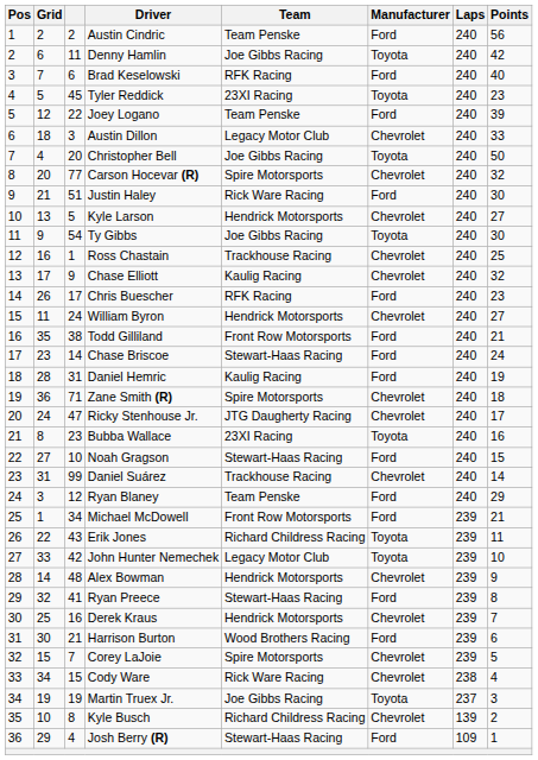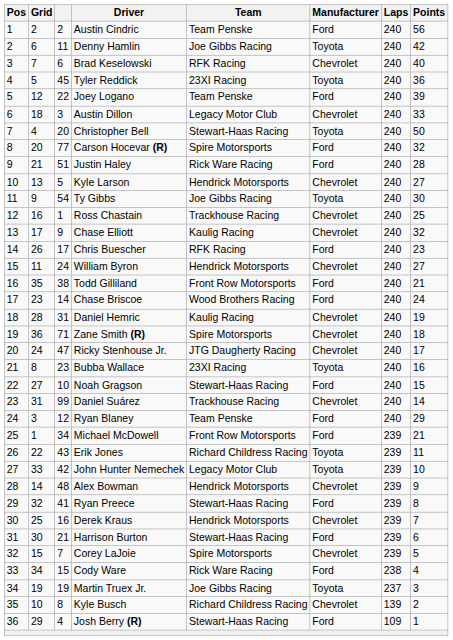 <table class="wikitable" style="font-size:98%">
 <tr>
 <th>Pos</th>
 <th>Grid</th>
 <th></th>
 <th>Driver</th>
 <th>Team</th>
 <th>Manufacturer</th>
 <th>Laps</th>
 <th>Points</th>
 </tr>
 <tr>
 <td>1</td>
 <td>2</td>
 <td>2</td>
 <td>Austin Cindric</td>
 <td>Team Penske</td>
 <td>Ford</td>
 <td>240</td>
 <td>56</td>
 </tr>
 <tr>
 <td>2</td>
 <td>6</td>
 <td>11</td>
 <td>Denny Hamlin</td>
 <td>Joe Gibbs Racing</td>
 <td>Toyota</td>
 <td>240</td>
 <td>42</td>
 </tr>
 <tr>
 <td>3</td>
 <td>7</td>
 <td>6</td>
 <td>Brad Keselowski</td>
 <td>RFK Racing</td>
-<td>Ford</td>
+<td>Chevrolet</td>
 <td>240</td>
 <td>40</td>
 </tr>
 <tr>
 <td>4</td>
 <td>5</td>
 <td>45</td>
 <td>Tyler Reddick</td>
 <td>23XI Racing</td>
 <td>Toyota</td>
 <td>240</td>
-<td>23</td>
+<td>36</td>
 </tr>
 <tr>
 <td>5</td>
 <td>12</td>
 <td>22</td>
 <td>Joey Logano</td>
 <td>Team Penske</td>
 <td>Ford</td>
 <td>240</td>
 <td>39</td>
 </tr>
 <tr>
 <td>6</td>
 <td>18</td>
 <td>3</td>
 <td>Austin Dillon</td>
 <td>Legacy Motor Club</td>
 <td>Chevrolet</td>
 <td>240</td>
 <td>33</td>
 </tr>
 <tr>
 <td>7</td>
 <td>4</td>
 <td>20</td>
 <td>Christopher Bell</td>
-<td>Joe Gibbs Racing</td>
+<td>Stewart-Haas Racing</td>
 <td>Toyota</td>
 <td>240</td>
 <td>50</td>
 </tr>
 <tr>
 <td>8</td>
 <td>20</td>
 <td>77</td>
 <td>Carson Hocevar <strong>(R)</strong></td>
 <td>Spire Motorsports</td>
-<td>Chevrolet</td>
+<td>Ford</td>
 <td>240</td>
 <td>32</td>
 </tr>
 <tr>
 <td>9</td>
 <td>21</td>
 <td>51</td>
 <td>Justin Haley</td>
 <td>Rick Ware Racing</td>
 <td>Ford</td>
 <td>240</td>
-<td>30</td>
+<td>28</td>
 </tr>
 <tr>
 <td>10</td>
 <td>13</td>
 <td>5</td>
 <td>Kyle Larson</td>
 <td>Hendrick Motorsports</td>
 <td>Chevrolet</td>
 <td>240</td>
 <td>27</td>
 </tr>
 <tr>
 <td>11</td>
 <td>9</td>
 <td>54</td>
 <td>Ty Gibbs</td>
 <td>Joe Gibbs Racing</td>
 <td>Toyota</td>
 <td>240</td>
 <td>30</td>
 </tr>
 <tr>
 <td>12</td>
 <td>16</td>
 <td>1</td>
 <td>Ross Chastain</td>
 <td>Trackhouse Racing</td>
 <td>Chevrolet</td>
 <td>240</td>
 <td>25</td>
 </tr>
 <tr>
 <td>13</td>
 <td>17</td>
 <td>9</td>
 <td>Chase Elliott</td>
 <td>Kaulig Racing</td>
 <td>Chevrolet</td>
 <td>240</td>
 <td>32</td>
 </tr>
 <tr>
 <td>14</td>
 <td>26</td>
 <td>17</td>
 <td>Chris Buescher</td>
 <td>RFK Racing</td>
 <td>Ford</td>
 <td>240</td>
 <td>23</td>
 </tr>
 <tr>
 <td>15</td>
 <td>11</td>
 <td>24</td>
 <td>William Byron</td>
 <td>Hendrick Motorsports</td>
 <td>Chevrolet</td>
 <td>240</td>
 <td>27</td>
 </tr>
 <tr>
 <td>16</td>
 <td>35</td>
 <td>38</td>
 <td>Todd Gilliland</td>
 <td>Front Row Motorsports</td>
 <td>Ford</td>
 <td>240</td>
 <td>21</td>
 </tr>
 <tr>
 <td>17</td>
 <td>23</td>
 <td>14</td>
 <td>Chase Briscoe</td>
-<td>Stewart-Haas Racing</td>
+<td>Wood Brothers Racing</td>
 <td>Ford</td>
 <td>240</td>
 <td>24</td>
 </tr>
 <tr>
 <td>18</td>
 <td>28</td>
 <td>31</td>
 <td>Daniel Hemric</td>
 <td>Kaulig Racing</td>
-<td>Ford</td>
+<td>Chevrolet</td>
 <td>240</td>
 <td>19</td>
 </tr>
 <tr>
 <td>19</td>
 <td>36</td>
 <td>71</td>
 <td>Zane Smith <strong>(R)</strong></td>
 <td>Spire Motorsports</td>
 <td>Chevrolet</td>
 <td>240</td>
 <td>18</td>
 </tr>
 <tr>
 <td>20</td>
 <td>24</td>
 <td>47</td>
 <td>Ricky Stenhouse Jr.</td>
 <td>JTG Daugherty Racing</td>
 <td>Chevrolet</td>
 <td>240</td>
 <td>17</td>
 </tr>
 <tr>
 <td>21</td>
 <td>8</td>
 <td>23</td>
 <td>Bubba Wallace</td>
 <td>23XI Racing</td>
 <td>Toyota</td>
 <td>240</td>
 <td>16</td>
 </tr>
 <tr>
 <td>22</td>
 <td>27</td>
 <td>10</td>
 <td>Noah Gragson</td>
 <td>Stewart-Haas Racing</td>
 <td>Ford</td>
 <td>240</td>
 <td>15</td>
 </tr>
 <tr>
 <td>23</td>
 <td>31</td>
 <td>99</td>
 <td>Daniel Suárez</td>
 <td>Trackhouse Racing</td>
 <td>Chevrolet</td>
 <td>240</td>
 <td>14</td>
 </tr>
 <tr>
 <td>24</td>
 <td>3</td>
 <td>12</td>
 <td>Ryan Blaney</td>
 <td>Team Penske</td>
 <td>Ford</td>
 <td>240</td>
 <td>29</td>
 </tr>
 <tr>
 <td>25</td>
 <td>1</td>
 <td>34</td>
 <td>Michael McDowell</td>
 <td>Front Row Motorsports</td>
 <td>Ford</td>
 <td>239</td>
 <td>21</td>
 </tr>
 <tr>
 <td>26</td>
 <td>22</td>
 <td>43</td>
 <td>Erik Jones</td>
 <td>Richard Childress Racing</td>
 <td>Toyota</td>
 <td>239</td>
 <td>11</td>
 </tr>
 <tr>
 <td>27</td>
 <td>33</td>
 <td>42</td>
 <td>John Hunter Nemechek</td>
 <td>Legacy Motor Club</td>
 <td>Toyota</td>
 <td>239</td>
 <td>10</td>
 </tr>
 <tr>
 <td>28</td>
 <td>14</td>
 <td>48</td>
 <td>Alex Bowman</td>
 <td>Hendrick Motorsports</td>
 <td>Chevrolet</td>
 <td>239</td>
 <td>9</td>
 </tr>
 <tr>
 <td>29</td>
 <td>32</td>
 <td>41</td>
 <td>Ryan Preece</td>
 <td>Stewart-Haas Racing</td>
 <td>Ford</td>
 <td>239</td>
 <td>8</td>
 </tr>
 <tr>
 <td>30</td>
 <td>25</td>
 <td>16</td>
 <td>Derek Kraus</td>
 <td>Hendrick Motorsports</td>
 <td>Chevrolet</td>
 <td>239</td>
 <td>7</td>
 </tr>
 <tr>
 <td>31</td>
 <td>30</td>
 <td>21</td>
 <td>Harrison Burton</td>
-<td>Wood Brothers Racing</td>
+<td>Stewart-Haas Racing</td>
 <td>Ford</td>
 <td>239</td>
 <td>6</td>
 </tr>
 <tr>
 <td>32</td>
 <td>15</td>
 <td>7</td>
 <td>Corey LaJoie</td>
 <td>Spire Motorsports</td>
 <td>Chevrolet</td>
 <td>239</td>
 <td>5</td>
 </tr>
 <tr>
 <td>33</td>
 <td>34</td>
 <td>15</td>
 <td>Cody Ware</td>
 <td>Rick Ware Racing</td>
-<td>Chevrolet</td>
+<td>Ford</td>
 <td>238</td>
 <td>4</td>
 </tr>
 <tr>
 <td>34</td>
 <td>19</td>
 <td>19</td>
 <td>Martin Truex Jr.</td>
 <td>Joe Gibbs Racing</td>
 <td>Toyota</td>
 <td>237</td>
 <td>3</td>
 </tr>
 <tr>
 <td>35</td>
 <td>10</td>
 <td>8</td>
 <td>Kyle Busch</td>
 <td>Richard Childress Racing</td>
 <td>Chevrolet</td>
 <td>139</td>
 <td>2</td>
 </tr>
 <tr>
 <td>36</td>
 <td>29</td>
 <td>4</td>
 <td>Josh Berry <strong>(R)</strong></td>
 <td>Stewart-Haas Racing</td>
 <td>Ford</td>
 <td>109</td>
 <td>1</td>
 </tr>
 <tr>
 <th colspan="8"></th>
 </tr>
 </table>
